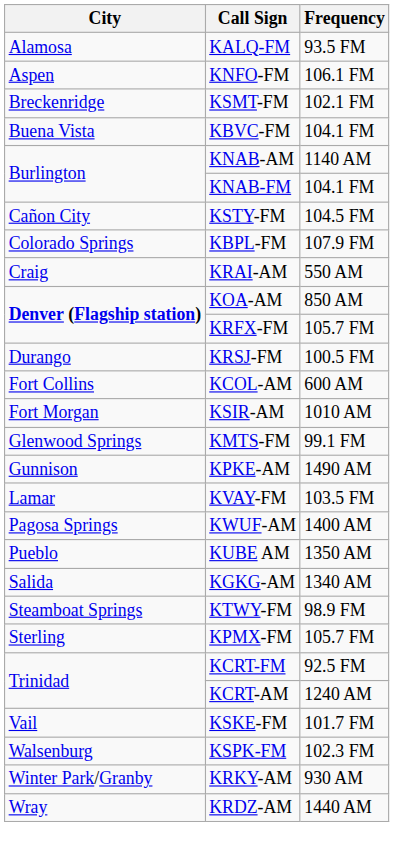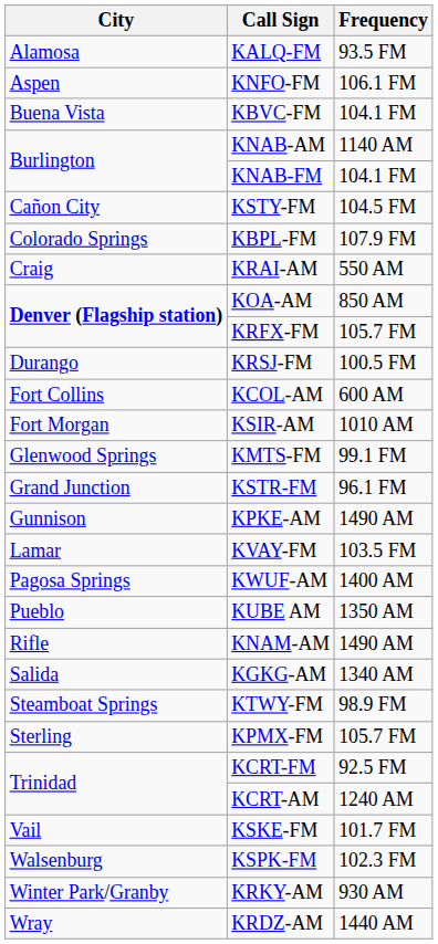 <table class="wikitable">
 <tr>
 <th>City</th>
 <th>Call Sign</th>
 <th>Frequency</th>
 </tr>
 <tr>
 <td><a href='#'>Alamosa</a></td>
 <td><a href='#'>KALQ-FM</a></td>
 <td>93.5 FM</td>
 </tr>
 <tr>
 <td><a href='#'>Aspen</a></td>
 <td><a href='#'>KNFO</a>-FM</td>
 <td>106.1 FM</td>
-</tr>
-<tr>
-<td><a href='#'>Breckenridge</a></td>
-<td><a href='#'>KSMT</a>-FM</td>
-<td>102.1 FM</td>
 </tr>
 <tr>
 <td><a href='#'>Buena Vista</a></td>
 <td><a href='#'>KBVC</a>-FM</td>
 <td>104.1 FM</td>
 </tr>
 <tr>
 <td rowspan=2><a href='#'>Burlington</a></td>
 <td><a href='#'>KNAB</a>-AM</td>
 <td>1140 AM</td>
 </tr>
 <tr>
 <td><a href='#'>KNAB-FM</a></td>
 <td>104.1 FM</td>
 </tr>
 <tr>
 <td><a href='#'>Cañon City</a></td>
 <td><a href='#'>KSTY</a>-FM</td>
 <td>104.5 FM</td>
 </tr>
 <tr>
 <td><a href='#'>Colorado Springs</a></td>
 <td><a href='#'>KBPL</a>-FM</td>
 <td>107.9 FM</td>
 </tr>
 <tr>
 <td><a href='#'>Craig</a></td>
 <td><a href='#'>KRAI</a>-AM</td>
 <td>550 AM</td>
 </tr>
 <tr>
 <td rowspan=2><strong><a href='#'>Denver</a></strong> <strong>(<a href='#'>Flagship station</a>)</strong></td>
 <td><a href='#'>KOA</a>-AM</td>
 <td>850 AM</td>
 </tr>
 <tr>
 <td><a href='#'>KRFX</a>-FM</td>
 <td>105.7 FM</td>
 </tr>
 <tr>
 <td><a href='#'>Durango</a></td>
 <td><a href='#'>KRSJ</a>-FM</td>
 <td>100.5 FM</td>
 </tr>
 <tr>
 <td><a href='#'>Fort Collins</a></td>
 <td><a href='#'>KCOL</a>-AM</td>
 <td>600 AM</td>
 </tr>
 <tr>
 <td><a href='#'>Fort Morgan</a></td>
 <td><a href='#'>KSIR</a>-AM</td>
 <td>1010 AM</td>
 </tr>
 <tr>
 <td><a href='#'>Glenwood Springs</a></td>
 <td><a href='#'>KMTS</a>-FM</td>
 <td>99.1 FM</td>
 </tr>
 <tr>
+<td><a href='#'>Grand Junction</a></td>
+<td><a href='#'>KSTR-FM</a></td>
+<td>96.1 FM</td>
+</tr>
+<tr>
 <td><a href='#'>Gunnison</a></td>
 <td><a href='#'>KPKE</a>-AM</td>
 <td>1490 AM</td>
 </tr>
 <tr>
 <td><a href='#'>Lamar</a></td>
 <td><a href='#'>KVAY</a>-FM</td>
 <td>103.5 FM</td>
 </tr>
 <tr>
 <td><a href='#'>Pagosa Springs</a></td>
 <td><a href='#'>KWUF</a>-AM</td>
 <td>1400 AM</td>
 </tr>
 <tr>
 <td><a href='#'>Pueblo</a></td>
 <td><a href='#'>KUBE</a> AM</td>
 <td>1350 AM</td>
+</tr>
+<tr>
+<td><a href='#'>Rifle</a></td>
+<td><a href='#'>KNAM</a>-AM</td>
+<td>1490 AM</td>
 </tr>
 <tr>
 <td><a href='#'>Salida</a></td>
 <td><a href='#'>KGKG</a>-AM</td>
 <td>1340 AM</td>
 </tr>
 <tr>
 <td><a href='#'>Steamboat Springs</a></td>
 <td><a href='#'>KTWY</a>-FM</td>
 <td>98.9 FM</td>
 </tr>
 <tr>
 <td><a href='#'>Sterling</a></td>
 <td><a href='#'>KPMX</a>-FM</td>
 <td>105.7 FM</td>
 </tr>
 <tr>
 <td rowspan=2><a href='#'>Trinidad</a></td>
 <td><a href='#'>KCRT-FM</a></td>
 <td>92.5 FM</td>
 </tr>
 <tr>
 <td><a href='#'>KCRT</a>-AM</td>
 <td>1240 AM</td>
 </tr>
 <tr>
 <td><a href='#'>Vail</a></td>
 <td><a href='#'>KSKE</a>-FM</td>
 <td>101.7 FM</td>
 </tr>
 <tr>
 <td><a href='#'>Walsenburg</a></td>
 <td><a href='#'>KSPK-FM</a></td>
 <td>102.3 FM</td>
 </tr>
 <tr>
 <td><a href='#'>Winter Park</a>/<a href='#'>Granby</a></td>
 <td><a href='#'>KRKY</a>-AM</td>
 <td>930 AM</td>
 </tr>
 <tr>
 <td><a href='#'>Wray</a></td>
 <td><a href='#'>KRDZ</a>-AM</td>
 <td>1440 AM</td>
 </tr>
 </table>
